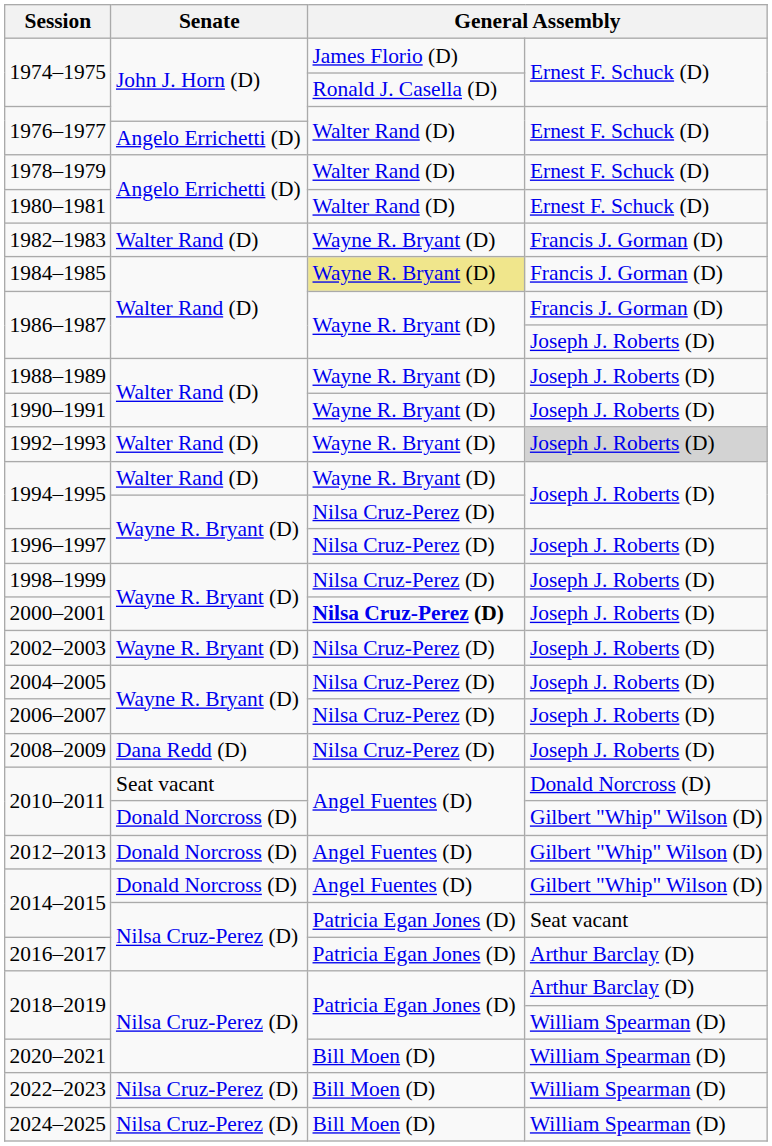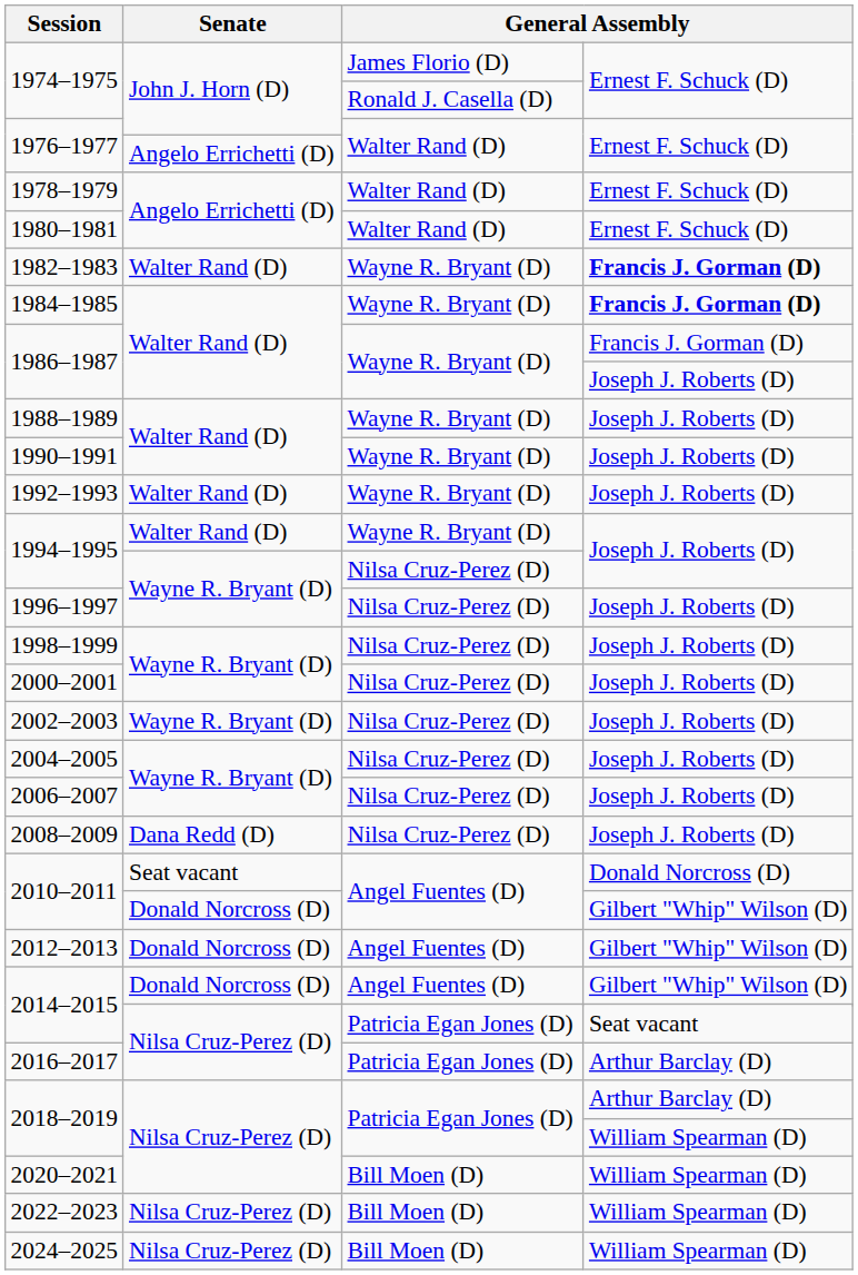 <table class="wikitable">
 <tr>
 <th>Session</th>
 <th>Senate</th>
 <th ! colspan=2>General Assembly</th>
 </tr>
 <tr>
 <td rowspan=2>1974–1975</td>
 <td rowspan=3 ><br><a href='#'>John J. Horn</a> (D)<br><small> </small></td>
 <td><a href='#'>James Florio</a> (D)</td>
 <td rowspan=2 ><a href='#'>Ernest F. Schuck</a> (D)</td>
 </tr>
 <tr>
 <td><a href='#'>Ronald J. Casella</a> (D)</td>
 </tr>
 <tr>
 <td rowspan=2>1976–1977</td>
 <td rowspan=2 ><a href='#'>Walter Rand</a> (D)</td>
 <td rowspan=2 ><a href='#'>Ernest F. Schuck</a> (D)</td>
 </tr>
 <tr>
 <td rowspan=1 ><a href='#'>Angelo Errichetti</a> (D)</td>
 </tr>
 <tr>
 <td>1978–1979</td>
 <td rowspan=2 ><a href='#'>Angelo Errichetti</a> (D)</td>
 <td><a href='#'>Walter Rand</a> (D)</td>
 <td><a href='#'>Ernest F. Schuck</a> (D)</td>
 </tr>
 <tr>
 <td>1980–1981</td>
 <td><a href='#'>Walter Rand</a> (D)</td>
 <td><a href='#'>Ernest F. Schuck</a> (D)</td>
 </tr>
 <tr>
 <td>1982–1983</td>
 <td><a href='#'>Walter Rand</a> (D)</td>
 <td><a href='#'>Wayne R. Bryant</a> (D)</td>
-<td><a href='#'>Francis J. Gorman</a> (D)</td>
+<td><strong><a href='#'>Francis J. Gorman</a> (D)</strong></td>
 </tr>
 <tr>
 <td>1984–1985</td>
 <td rowspan=3 ><a href='#'>Walter Rand</a> (D)</td>
-<td style="background: khaki;"><a href='#'>Wayne R. Bryant</a> (D)</td>
-<td><a href='#'>Francis J. Gorman</a> (D)</td>
+<td><a href='#'>Wayne R. Bryant</a> (D)</td>
+<td><strong><a href='#'>Francis J. Gorman</a> (D)</strong></td>
 </tr>
 <tr>
 <td rowspan=2>1986–1987</td>
 <td rowspan=2 ><a href='#'>Wayne R. Bryant</a> (D)</td>
 <td><a href='#'>Francis J. Gorman</a> (D)</td>
 </tr>
 <tr>
 <td><a href='#'>Joseph J. Roberts</a> (D)</td>
 </tr>
 <tr>
 <td>1988–1989</td>
 <td rowspan=2 ><a href='#'>Walter Rand</a> (D)</td>
 <td><a href='#'>Wayne R. Bryant</a> (D)</td>
 <td><a href='#'>Joseph J. Roberts</a> (D)</td>
 </tr>
 <tr>
 <td>1990–1991</td>
 <td><a href='#'>Wayne R. Bryant</a> (D)</td>
 <td><a href='#'>Joseph J. Roberts</a> (D)</td>
 </tr>
 <tr>
 <td>1992–1993</td>
 <td><a href='#'>Walter Rand</a> (D)</td>
 <td><a href='#'>Wayne R. Bryant</a> (D)</td>
-<td style="background: lightgrey;"><a href='#'>Joseph J. Roberts</a> (D)</td>
+<td><a href='#'>Joseph J. Roberts</a> (D)</td>
 </tr>
 <tr>
 <td rowspan=2>1994–1995</td>
 <td><a href='#'>Walter Rand</a> (D)</td>
 <td><a href='#'>Wayne R. Bryant</a> (D)</td>
 <td rowspan=2 ><a href='#'>Joseph J. Roberts</a> (D)</td>
 </tr>
 <tr>
 <td rowspan=2 ><a href='#'>Wayne R. Bryant</a> (D)</td>
 <td><a href='#'>Nilsa Cruz-Perez</a> (D)</td>
 </tr>
 <tr>
 <td>1996–1997</td>
 <td><a href='#'>Nilsa Cruz-Perez</a> (D)</td>
 <td><a href='#'>Joseph J. Roberts</a> (D)</td>
 </tr>
 <tr>
 <td>1998–1999</td>
 <td rowspan=2 ><a href='#'>Wayne R. Bryant</a> (D)</td>
 <td><a href='#'>Nilsa Cruz-Perez</a> (D)</td>
 <td><a href='#'>Joseph J. Roberts</a> (D)</td>
 </tr>
 <tr>
 <td>2000–2001</td>
-<td><strong><a href='#'>Nilsa Cruz-Perez</a> (D)</strong></td>
+<td><a href='#'>Nilsa Cruz-Perez</a> (D)</td>
 <td><a href='#'>Joseph J. Roberts</a> (D)</td>
 </tr>
 <tr>
 <td>2002–2003</td>
 <td><a href='#'>Wayne R. Bryant</a> (D)</td>
 <td><a href='#'>Nilsa Cruz-Perez</a> (D)</td>
 <td><a href='#'>Joseph J. Roberts</a> (D)</td>
 </tr>
 <tr>
 <td>2004–2005</td>
 <td rowspan=2 ><a href='#'>Wayne R. Bryant</a> (D)</td>
 <td><a href='#'>Nilsa Cruz-Perez</a> (D)</td>
 <td><a href='#'>Joseph J. Roberts</a> (D)</td>
 </tr>
 <tr>
 <td>2006–2007</td>
 <td><a href='#'>Nilsa Cruz-Perez</a> (D)</td>
 <td><a href='#'>Joseph J. Roberts</a> (D)</td>
 </tr>
 <tr>
 <td>2008–2009</td>
 <td><a href='#'>Dana Redd</a> (D)</td>
 <td><a href='#'>Nilsa Cruz-Perez</a> (D)</td>
 <td><a href='#'>Joseph J. Roberts</a> (D)</td>
 </tr>
 <tr>
 <td rowspan=2>2010–2011</td>
 <td>Seat vacant</td>
 <td rowspan=2 ><a href='#'>Angel Fuentes</a> (D)</td>
 <td><a href='#'>Donald Norcross</a> (D)</td>
 </tr>
 <tr>
 <td><a href='#'>Donald Norcross</a> (D)</td>
 <td><a href='#'>Gilbert "Whip" Wilson</a> (D)</td>
 </tr>
 <tr>
 <td>2012–2013</td>
 <td><a href='#'>Donald Norcross</a> (D)</td>
 <td><a href='#'>Angel Fuentes</a> (D)</td>
 <td><a href='#'>Gilbert "Whip" Wilson</a> (D)</td>
 </tr>
 <tr>
 <td rowspan=4>2014–2015</td>
 <td><a href='#'>Donald Norcross</a> (D)</td>
 <td rowspan=2 ><a href='#'>Angel Fuentes</a> (D)<small> </small><br></td>
 <td rowspan=3 ><a href='#'>Gilbert "Whip" Wilson</a> (D)</td>
 </tr>
 <tr>
 <td rowspan=4 ><a href='#'>Nilsa Cruz-Perez</a> (D)<small> </small><br></td>
 </tr>
 <tr>
 <td rowspan=2 ><a href='#'>Patricia Egan Jones</a> (D)<small> </small><br></td>
 </tr>
 <tr>
 <td>Seat vacant</td>
 </tr>
 <tr>
 <td>2016–2017</td>
 <td><a href='#'>Patricia Egan Jones</a> (D)</td>
 <td><a href='#'>Arthur Barclay</a> (D)</td>
 </tr>
 <tr>
 <td rowspan=2>2018–2019</td>
 <td rowspan=3 ><a href='#'>Nilsa Cruz-Perez</a> (D)</td>
 <td rowspan=2 ><a href='#'>Patricia Egan Jones</a> (D)</td>
 <td><a href='#'>Arthur Barclay</a> (D)<small> </small></td>
 </tr>
 <tr>
 <td><a href='#'>William Spearman</a> (D)</td>
 </tr>
 <tr>
 <td>2020–2021</td>
 <td><a href='#'>Bill Moen</a> (D)</td>
 <td><a href='#'>William Spearman</a> (D)</td>
 </tr>
 <tr>
 <td>2022–2023</td>
 <td><a href='#'>Nilsa Cruz-Perez</a> (D)</td>
 <td><a href='#'>Bill Moen</a> (D)</td>
 <td><a href='#'>William Spearman</a> (D)</td>
 </tr>
 <tr>
 <td>2024–2025</td>
 <td><a href='#'>Nilsa Cruz-Perez</a> (D)</td>
 <td><a href='#'>Bill Moen</a> (D)</td>
 <td><a href='#'>William Spearman</a> (D)</td>
 </tr>
 </table>
